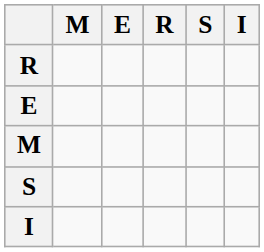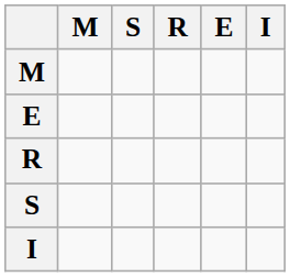 <table class=wikitable style=text-align:center>
 <tr>
 <th></th>
 <th> M </th>
+<th> S </th>
+<th> R </th>
 <th> E </th>
-<th> R </th>
-<th> S </th>
 <th> I </th>
 </tr>
 <tr>
-<th> R </th>
+<th> M </th>
 <td></td>
 <td></td>
 <td></td>
 <td></td>
 <td></td>
 </tr>
 <tr>
 <th> E </th>
 <td></td>
 <td></td>
 <td></td>
 <td></td>
 <td></td>
 </tr>
 <tr>
-<th> M </th>
+<th> R </th>
 <td></td>
 <td></td>
 <td></td>
 <td></td>
 <td></td>
 </tr>
 <tr>
 <th> S </th>
 <td></td>
 <td></td>
 <td></td>
 <td></td>
 <td></td>
 </tr>
 <tr>
 <th> I </th>
 <td></td>
 <td></td>
 <td></td>
 <td></td>
 <td></td>
 </tr>
 </table>
